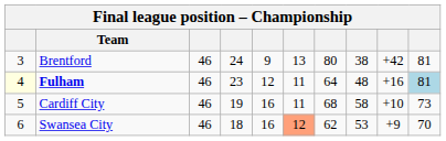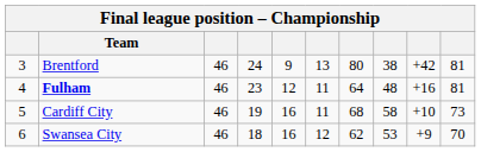 <table class="wikitable" style="text-align:center">
 <tr>
 <th colspan=10><big>Final league position – Championship</big></th>
 </tr>
 <tr>
 <th width="30"></th>
 <th width="175">Team</th>
 <th width="30"></th>
 <th width="30"></th>
 <th width="30"></th>
 <th width="30"></th>
 <th width="30"></th>
 <th width="30"></th>
 <th width="30"></th>
 <th width="30"></th>
 </tr>
 <tr>
 <td>3</td>
 <td align=left><a href='#'>Brentford</a></td>
 <td>46</td>
 <td>24</td>
 <td>9</td>
 <td>13</td>
 <td>80</td>
 <td>38</td>
 <td>+42</td>
 <td>81</td>
 </tr>
 <tr>
-<td style="background: lightyellow;">4</td>
+<td>4</td>
 <td align=left><strong><a href='#'>Fulham</a></strong></td>
 <td>46</td>
 <td>23</td>
 <td>12</td>
 <td>11</td>
 <td>64</td>
 <td>48</td>
 <td>+16</td>
-<td style="background: lightblue;">81</td>
+<td>81</td>
 </tr>
 <tr>
 <td>5</td>
 <td align=left><a href='#'>Cardiff City</a></td>
 <td>46</td>
 <td>19</td>
 <td>16</td>
 <td>11</td>
 <td>68</td>
 <td>58</td>
 <td>+10</td>
 <td>73</td>
 </tr>
 <tr>
 <td>6</td>
 <td align=left><a href='#'>Swansea City</a></td>
 <td>46</td>
 <td>18</td>
 <td>16</td>
-<td style="background: lightsalmon;">12</td>
+<td>12</td>
 <td>62</td>
 <td>53</td>
 <td>+9</td>
 <td>70</td>
 </tr>
 </table>
